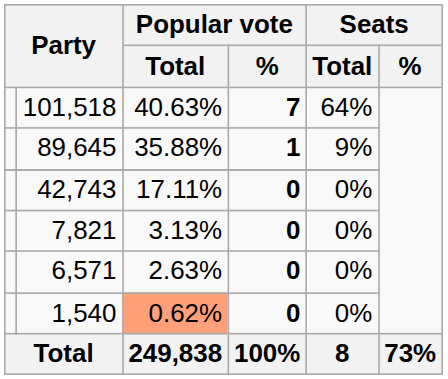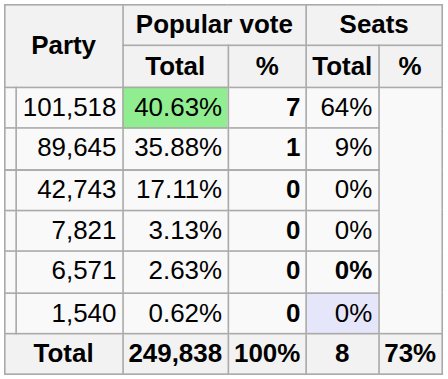 <table class=wikitable style="text-align:right;">
 <tr>
 <th rowspan=2 colspan=2>Party</th>
 <th colspan=2>Popular vote</th>
 <th colspan=2>Seats</th>
 </tr>
 <tr>
 <th>Total</th>
 <th>%</th>
 <th>Total</th>
 <th>%</th>
 </tr>
 <tr>
 <td></td>
 <td>101,518</td>
-<td>40.63%</td>
+<td style="background: lightgreen;">40.63%</td>
 <td><strong>7</strong></td>
 <td>64%</td>
 </tr>
 <tr>
 <td></td>
 <td>89,645</td>
 <td>35.88%</td>
 <td><strong>1</strong></td>
 <td>9%</td>
 </tr>
 <tr>
 </tr>
 <tr>
 <td></td>
 <td>42,743</td>
 <td>17.11%</td>
 <td><strong>0</strong></td>
 <td>0%</td>
 </tr>
 <tr>
 <td></td>
 <td>7,821</td>
 <td>3.13%</td>
 <td><strong>0</strong></td>
 <td>0%</td>
 </tr>
 <tr>
 <td></td>
 <td>6,571</td>
 <td>2.63%</td>
 <td><strong>0</strong></td>
-<td>0%</td>
+<td><strong>0%</strong></td>
 </tr>
 <tr>
 <td></td>
 <td>1,540</td>
-<td style="background: lightsalmon;">0.62%</td>
+<td>0.62%</td>
 <td><strong>0</strong></td>
-<td>0%</td>
+<td style="background: lavender;">0%</td>
 </tr>
 <tr>
 <th colspan=2>Total</th>
 <th>249,838</th>
 <th>100%</th>
 <th>8</th>
 <th>73%</th>
 </tr>
 </table>
